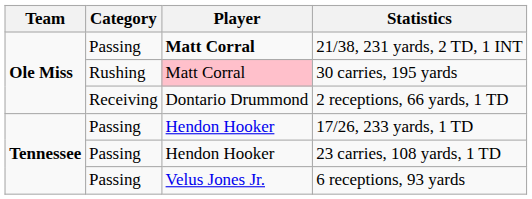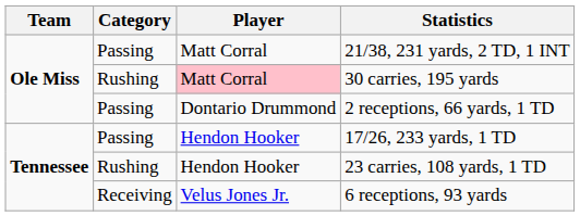 <table class="wikitable" style="float: right;">
 <tr>
 <th>Team</th>
 <th>Category</th>
 <th>Player</th>
 <th>Statistics</th>
 </tr>
 <tr>
 <td rowspan=3><strong>Ole Miss</strong></td>
 <td>Passing</td>
-<td><strong>Matt Corral</strong></td>
+<td>Matt Corral</td>
 <td>21/38, 231 yards, 2 TD, 1 INT</td>
 </tr>
 <tr>
 <td>Rushing</td>
 <td style="background: pink;">Matt Corral</td>
 <td>30 carries, 195 yards</td>
 </tr>
 <tr>
-<td>Receiving</td>
+<td>Passing</td>
 <td>Dontario Drummond</td>
 <td>2 receptions, 66 yards, 1 TD</td>
 </tr>
 <tr>
 <td rowspan=3><strong>Tennessee</strong></td>
 <td>Passing</td>
 <td><a href='#'>Hendon Hooker</a></td>
 <td>17/26, 233 yards, 1 TD</td>
 </tr>
 <tr>
-<td>Passing</td>
+<td>Rushing</td>
 <td>Hendon Hooker</td>
 <td>23 carries, 108 yards, 1 TD</td>
 </tr>
 <tr>
-<td>Passing</td>
+<td>Receiving</td>
 <td><a href='#'>Velus Jones Jr.</a></td>
 <td>6 receptions, 93 yards</td>
 </tr>
 </table>
